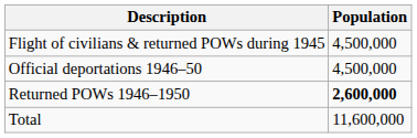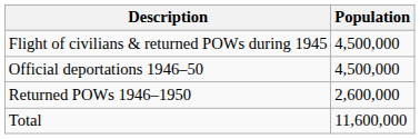 <table class="wikitable">
 <tr>
 <th>Description</th>
 <th>Population</th>
 </tr>
 <tr>
 <td>Flight of civilians & returned POWs during 1945</td>
 <td>4,500,000</td>
 </tr>
 <tr>
 <td>Official deportations 1946–50</td>
 <td>4,500,000</td>
 </tr>
 <tr>
 <td>Returned POWs 1946–1950</td>
-<td><strong>2,600,000</strong></td>
+<td>2,600,000</td>
 </tr>
 <tr>
 <td>Total</td>
 <td>11,600,000</td>
 </tr>
 </table>
